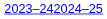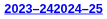 <table id=toc class=toc summary=Contents>
 <tr>
 <th></th>
 </tr>
 <tr>
-<td align=center><br><a href='#'></a><a href='#'></a><a href='#'></a><a href='#'></a><a href='#'></a><a href='#'></a><a href='#'></a><a href='#'>2023–24</a><a href='#'>2024–25</a></td>
+<td align=center><strong><br><a href='#'></a><a href='#'></a><a href='#'></a><a href='#'></a><a href='#'></a><a href='#'></a><a href='#'></a><a href='#'>2023–24</a><a href='#'>2024–25</a></strong></td>
 </tr>
 </table>
